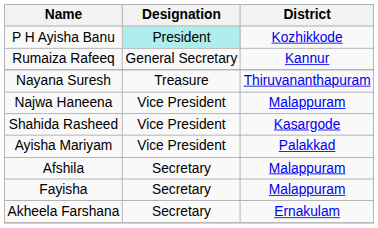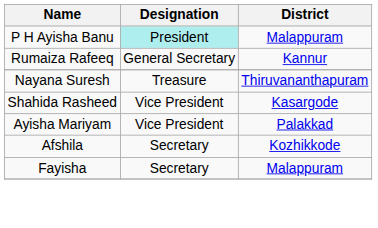 <table class=" wikitable">
 <tr style="background:#ccc; text-align:center;">
 <th>Name</th>
 <th>Designation</th>
 <th>District</th>
 </tr>
 <tr style="vertical-align: middle; text-align: center;">
 <td>P H Ayisha Banu </td>
 <td style="background: paleturquoise;">President</td>
-<td><a href='#'>Kozhikkode</a></td>
+<td><a href='#'>Malappuram</a></td>
 </tr>
 <tr style="vertical-align: middle; text-align: center;">
 <td>Rumaiza Rafeeq</td>
 <td>General Secretary</td>
 <td><a href='#'>Kannur</a></td>
 </tr>
 <tr style="vertical-align: middle; t">
 </tr>
 <tr style="vertical-align: middle; text-align: center;">
 <td>Nayana Suresh</td>
 <td>Treasure</td>
 <td><a href='#'>Thiruvananthapuram</a></td>
 </tr>
 <tr style="vertical-align: middle; text-align: center;">
-<td>Najwa Haneena</td>
-<td>Vice President</td>
-<td><a href='#'>Malappuram</a></td>
-</tr>
-<tr style="vertical-align: middle; text-align: center;">
 <td>Shahida Rasheed</td>
 <td>Vice President</td>
 <td><a href='#'>Kasargode</a></td>
 </tr>
 <tr style="vertical-align: middle; text-align: center;">
 <td>Ayisha Mariyam</td>
 <td>Vice President</td>
 <td><a href='#'>Palakkad</a></td>
 </tr>
 <tr style="vertical-align: middle; text-align: center;">
 <td>Afshila</td>
 <td>Secretary</td>
-<td><a href='#'>Malappuram</a></td>
+<td><a href='#'>Kozhikkode</a></td>
 </tr>
 <tr style="vertical-align: middle; text-align: center;">
 <td>Fayisha</td>
 <td>Secretary</td>
 <td><a href='#'>Malappuram</a></td>
 </tr>
 <tr style="vertical-align: middle; text-align: center;">
-<td>Akheela Farshana</td>
-<td>Secretary</td>
-<td><a href='#'>Ernakulam</a></td>
-</tr>
-<tr style="vertical-align: middle; text-align: center;">
 </tr>
 </table>
